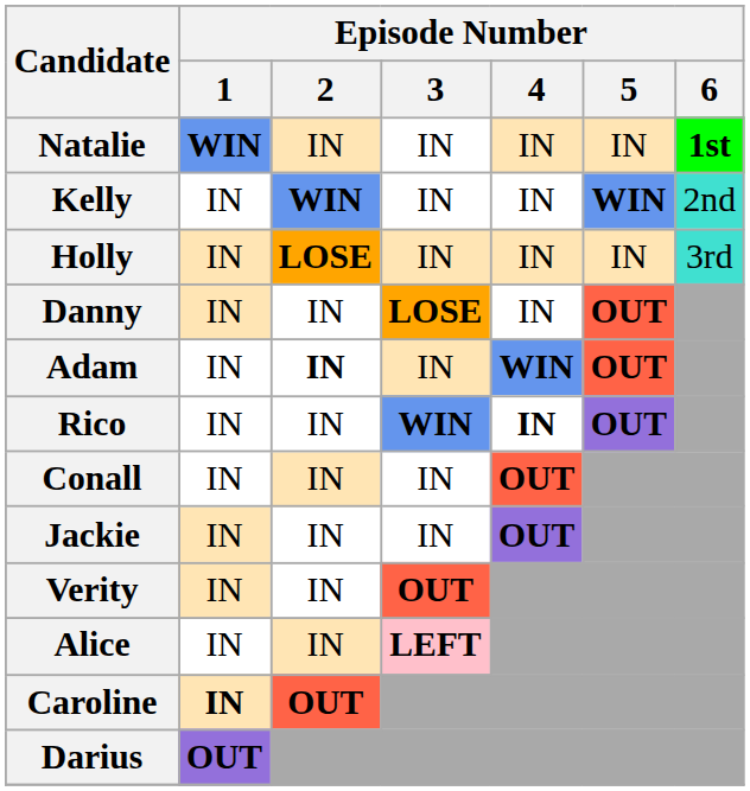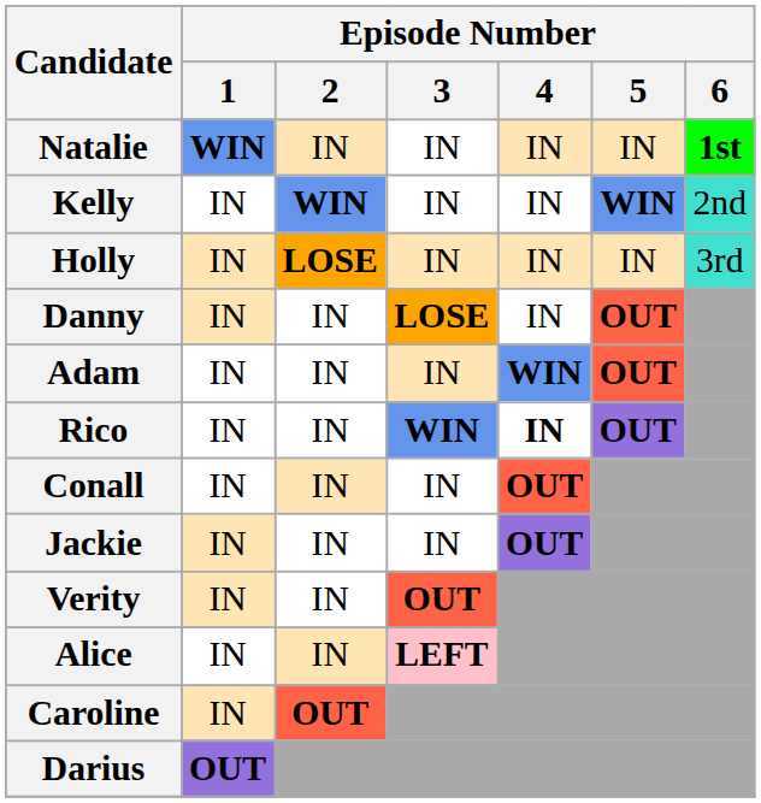 <table class="wikitable" style="text-align:center">
 <tr>
 <th scope="col" rowspan="2">Candidate</th>
 <th scope="colgroup" colspan="6">Episode Number</th>
 </tr>
 <tr>
 <th scope="col">1</th>
 <th scope="col">2</th>
 <th scope="col">3</th>
 <th scope="col">4</th>
 <th scope="col">5</th>
 <th scope="col">6</th>
 </tr>
 <tr>
 <th scope="row">Natalie</th>
 <td style="background:cornflowerblue;"><strong>WIN</strong></td>
 <td style="background:#FFE5B4;">IN</td>
 <td style="background:white;">IN</td>
 <td style="background:#FFE5B4;">IN</td>
 <td style="background:#FFE5B4;">IN</td>
 <td style="background:lime;"><strong>1st</strong></td>
 </tr>
 <tr>
 <th scope="row">Kelly</th>
 <td style="background:white;">IN</td>
 <td style="background:cornflowerblue;"><strong>WIN</strong></td>
 <td style="background:white;">IN</td>
 <td style="background:white;">IN</td>
 <td style="background:cornflowerblue;"><strong>WIN</strong></td>
 <td style="background:turquoise;">2nd</td>
 </tr>
 <tr>
 <th scope="row">Holly</th>
 <td style="background:#FFE5B4;">IN</td>
 <td style="background:orange;"><strong>LOSE</strong></td>
 <td style="background:#FFE5B4;">IN</td>
 <td style="background:#FFE5B4;">IN</td>
 <td style="background:#FFE5B4;">IN</td>
 <td style="background:turquoise;">3rd</td>
 </tr>
 <tr>
 <th scope="row">Danny</th>
 <td style="background:#FFE5B4;">IN</td>
 <td style="background:white;">IN</td>
 <td style="background:orange;"><strong>LOSE</strong></td>
 <td style="background:white;">IN</td>
 <td style="background:tomato;"><strong>OUT</strong></td>
 <td colspan="1" style="background:darkgrey;"></td>
 </tr>
 <tr>
 <th scope="row">Adam</th>
 <td style="background:white;">IN</td>
-<td style="background:white;"><strong>IN</strong></td>
+<td style="background:white;">IN</td>
 <td style="background:#FFE5B4;">IN</td>
 <td style="background:cornflowerblue;"><strong>WIN</strong></td>
 <td style="background:tomato;"><strong>OUT</strong></td>
 <td colspan="1" style="background:darkgrey;"></td>
 </tr>
 <tr>
 <th scope="row">Rico</th>
 <td style="background:white;">IN</td>
 <td style="background:white;">IN</td>
 <td style="background:cornflowerblue;"><strong>WIN</strong></td>
 <td style="background:white;"><strong>IN</strong></td>
 <td style="background:#9370DB;"><strong>OUT</strong></td>
 <td colspan="1" style="background:darkgrey;"></td>
 </tr>
 <tr>
 <th scope="row">Conall</th>
 <td style="background:white;">IN</td>
 <td style="background:#FFE5B4;">IN</td>
 <td style="background:white;">IN</td>
 <td style="background:tomato;"><strong>OUT</strong></td>
 <td colspan="2" style="background:darkgrey;"></td>
 </tr>
 <tr>
 <th scope="row">Jackie</th>
 <td style="background:#FFE5B4;">IN</td>
 <td style="background:white;">IN</td>
 <td style="background:white;">IN</td>
 <td style="background:#9370DB;"><strong>OUT</strong></td>
 <td colspan="2" style="background:darkgrey;"></td>
 </tr>
 <tr>
 <th scope="row">Verity</th>
 <td style="background:#FFE5B4;">IN</td>
 <td style="background:white;">IN</td>
 <td style="background:tomato;"><strong>OUT</strong></td>
 <td colspan="3" style="background:darkgrey;"></td>
 </tr>
 <tr>
 <th scope="row">Alice</th>
 <td style="background:white;">IN</td>
 <td style="background:#FFE5B4;">IN</td>
 <td style="background:pink;"><strong>LEFT</strong></td>
 <td colspan="3" style="background:darkgrey;"></td>
 </tr>
 <tr>
 <th scope="row">Caroline</th>
-<td style="background:#FFE5B4;"><strong>IN</strong></td>
+<td style="background:#FFE5B4;">IN</td>
 <td style="background:tomato;"><strong>OUT</strong></td>
 <td colspan="4" style="background:darkgrey;"></td>
 </tr>
 <tr>
 <th scope="row">Darius</th>
 <td style="background:#9370DB;"><strong>OUT</strong></td>
 <td colspan="5" style="background:darkgrey;"></td>
 </tr>
 <tr>
 </tr>
 </table>
